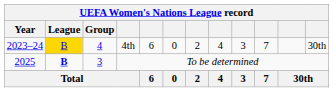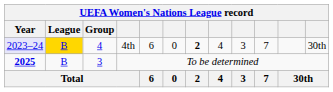 <table class="wikitable" style="text-align: center;">
 <tr>
 <th colspan=13><a href='#'>UEFA Women's Nations League</a> record</th>
 </tr>
 <tr>
 <th>Year</th>
 <th>League</th>
 <th>Group</th>
 <th width=28></th>
 <th width=28></th>
 <th width=28></th>
 <th width=28></th>
 <th width=28></th>
 <th width=28></th>
 <th width=28></th>
 <th width=35></th>
 <th width=28></th>
 </tr>
 <tr>
-<td><a href='#'>2023–24</a></td>
+<td style="background: lavender;"><a href='#'>2023–24</a></td>
 <td style="background: gold;"><a href='#'>B</a></td>
 <td><a href='#'>4</a></td>
 <td>4th</td>
 <td>6</td>
 <td>0</td>
-<td>2</td>
+<td><strong>2</strong></td>
 <td>4</td>
 <td>3</td>
 <td>7</td>
 <td></td>
 <td>30th</td>
 </tr>
 <tr>
-<td><a href='#'>2025</a></td>
-<td><strong><a href='#'>B</a></strong></td>
+<td><strong><a href='#'>2025</a></strong></td>
+<td><a href='#'>B</a></td>
 <td><a href='#'>3</a></td>
 <td colspan=9><em>To be determined</em></td>
 </tr>
 <tr>
 <th colspan=4>Total</th>
 <th>6</th>
 <th>0</th>
 <th>2</th>
 <th>4</th>
 <th>3</th>
 <th>7</th>
 <th colspan=2>30th</th>
 </tr>
 </table>
